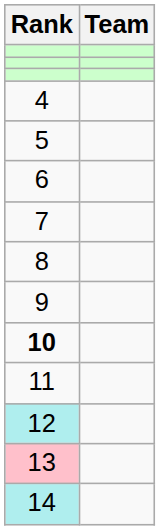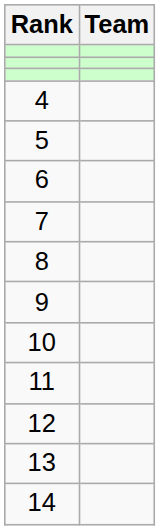 <table class=wikitable style="text-align:center;">
 <tr>
 <th>Rank</th>
 <th>Team</th>
 </tr>
 <tr bgcolor=#ccffcc>
 <td></td>
 <td align=left></td>
 </tr>
 <tr bgcolor=#ccffcc>
 <td></td>
 <td align=left></td>
 </tr>
 <tr bgcolor=#ccffcc>
 <td></td>
 <td align=left></td>
 </tr>
 <tr>
 <td>4</td>
 <td align=left></td>
 </tr>
 <tr>
 <td>5</td>
 <td align=left></td>
 </tr>
 <tr>
 <td>6</td>
 <td align=left></td>
 </tr>
 <tr>
 <td>7</td>
 <td align=left></td>
 </tr>
 <tr>
 <td>8</td>
 <td align=left></td>
 </tr>
 <tr>
 <td>9</td>
 <td align=left></td>
 </tr>
 <tr>
-<td><strong>10</strong></td>
+<td>10</td>
 <td align=left></td>
 </tr>
 <tr>
 <td>11</td>
 <td align=left></td>
 </tr>
 <tr>
-<td style="background: paleturquoise;">12</td>
+<td>12</td>
 <td align=left></td>
 </tr>
 <tr>
-<td style="background: pink;">13</td>
+<td>13</td>
 <td align=left></td>
 </tr>
 <tr>
-<td style="background: paleturquoise;">14</td>
+<td>14</td>
 <td align=left></td>
 </tr>
 </table>
